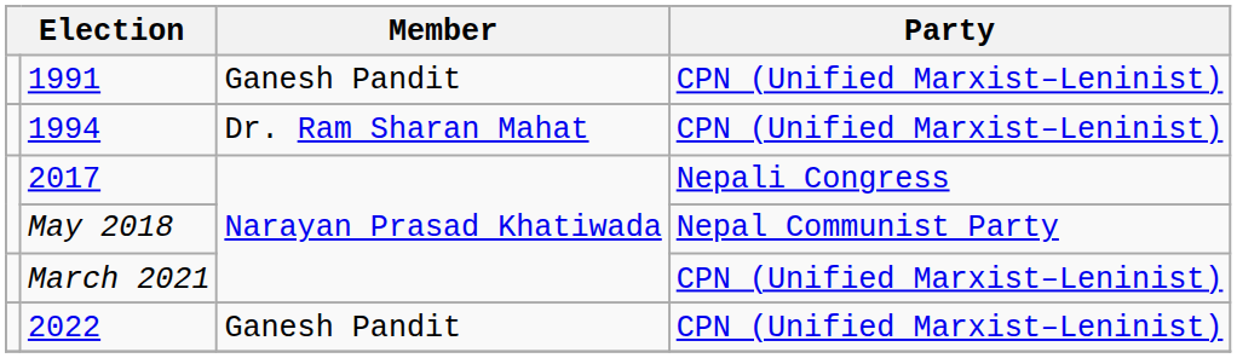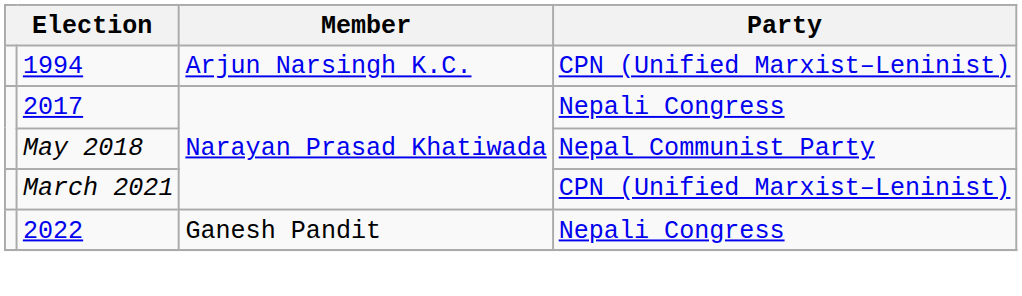 <table class="wikitable">
 <tr>
 <th colspan="2">Election</th>
 <th>Member</th>
 <th>Party</th>
 </tr>
 <tr>
 <td style="background-color:"></td>
-<td><a href='#'>1991</a></td>
-<td>Ganesh Pandit</td>
-<td><a href='#'>CPN (Unified Marxist–Leninist)</a></td>
-</tr>
-<tr>
-<td style="background-color:"></td>
 <td><a href='#'>1994</a></td>
-<td>Dr. <a href='#'>Ram Sharan Mahat</a></td>
+<td><a href='#'>Arjun Narsingh K.C.</a></td>
 <td><a href='#'>CPN (Unified Marxist–Leninist)</a></td>
 </tr>
 <tr>
 <td rowspan="2" style="background-color:"></td>
 <td><a href='#'>2017</a></td>
 <td rowspan="3"><a href='#'>Narayan Prasad Khatiwada</a></td>
 <td><a href='#'>Nepali Congress</a></td>
 </tr>
 <tr>
 <td><em>May 2018</em></td>
 <td><a href='#'>Nepal Communist Party</a></td>
 </tr>
 <tr>
 <td style="background-color:"></td>
 <td><em>March 2021</em></td>
 <td><a href='#'>CPN (Unified Marxist–Leninist)</a></td>
 </tr>
 <tr>
 <td style="background-color:"></td>
 <td><a href='#'>2022</a></td>
 <td>Ganesh Pandit</td>
-<td><a href='#'>CPN (Unified Marxist–Leninist)</a></td>
+<td><a href='#'>Nepali Congress</a></td>
 </tr>
 <tr>
 </tr>
 </table>
